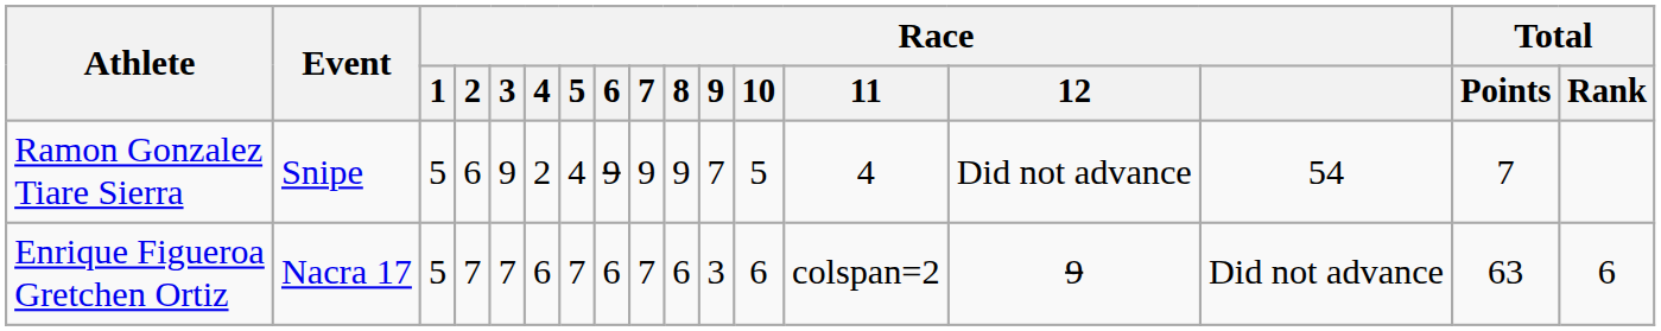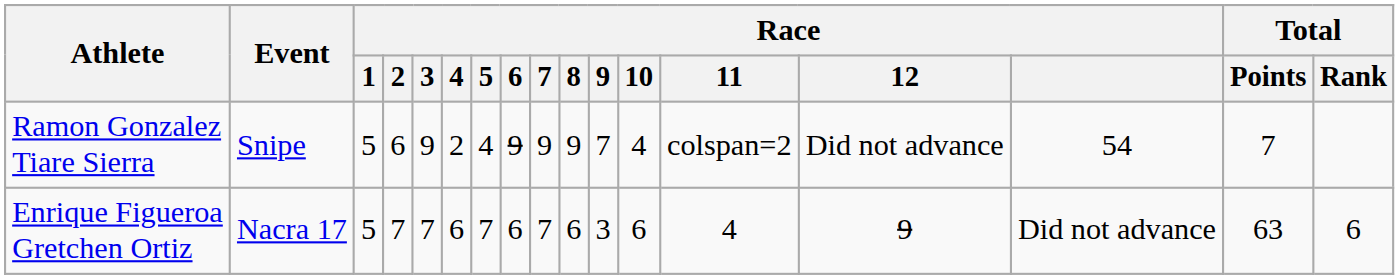 <table class=wikitable style=font-size:90%;text-align:center>
 <tr>
 <th rowspan=2>Athlete</th>
 <th rowspan=2>Event</th>
 <th colspan=13>Race</th>
 <th colspan=2>Total</th>
 </tr>
 <tr style=font-size:95%>
 <th>1</th>
 <th>2</th>
 <th>3</th>
 <th>4</th>
 <th>5</th>
 <th>6</th>
 <th>7</th>
 <th>8</th>
 <th>9</th>
 <th>10</th>
 <th>11</th>
 <th>12</th>
 <th></th>
 <th>Points</th>
 <th>Rank</th>
 </tr>
 <tr>
 <td align=left><a href='#'>Ramon Gonzalez</a><br><a href='#'>Tiare Sierra</a></td>
 <td align=left><a href='#'>Snipe</a></td>
 <td>5</td>
 <td>6</td>
 <td>9</td>
 <td>2</td>
 <td>4</td>
 <td><s>9</s></td>
 <td>9</td>
 <td>9</td>
 <td>7</td>
-<td>5</td>
 <td>4</td>
+<td>colspan=2 </td>
 <td>Did not advance</td>
 <td>54</td>
 <td>7</td>
 </tr>
 <tr>
 <td align=left><a href='#'>Enrique Figueroa</a><br><a href='#'>Gretchen Ortiz</a></td>
 <td align=left><a href='#'>Nacra 17</a></td>
 <td>5</td>
 <td>7</td>
 <td>7</td>
 <td>6</td>
 <td>7</td>
 <td>6</td>
 <td>7</td>
 <td>6</td>
 <td>3</td>
 <td>6</td>
-<td>colspan=2 </td>
+<td>4</td>
 <td><s>9</s></td>
 <td>Did not advance</td>
 <td>63</td>
 <td>6</td>
 </tr>
 </table>
